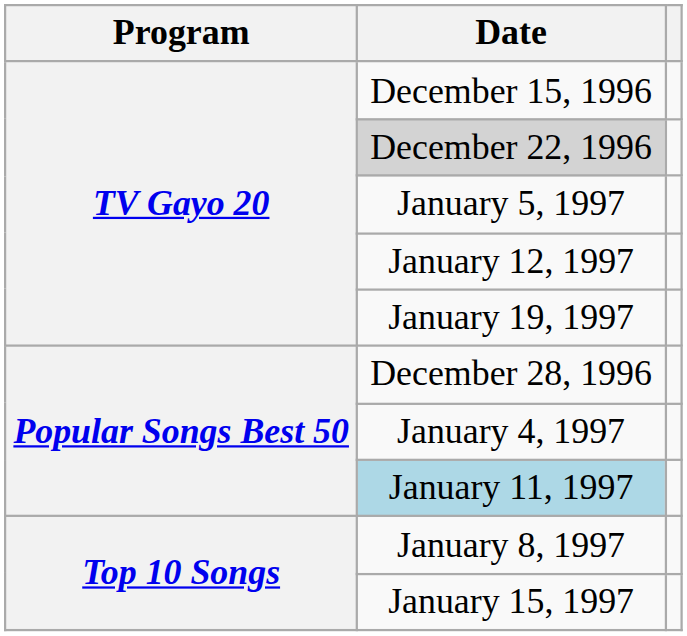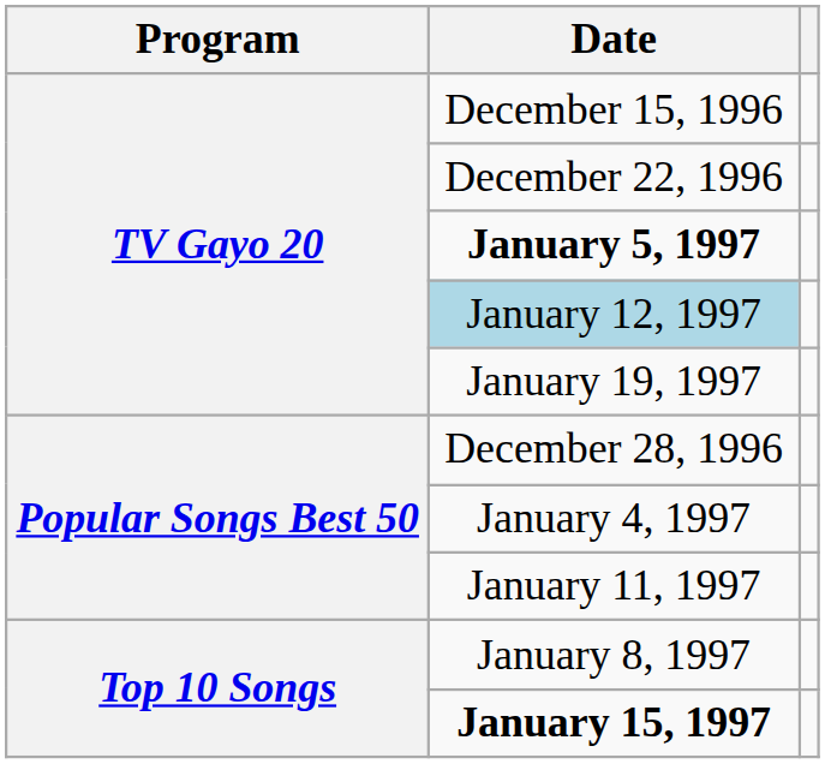 <table class="wikitable sortable plainrowheaders" style="text-align:center">
 <tr>
 <th>Program</th>
 <th width="130">Date</th>
 <th class="unsortable"></th>
 </tr>
 <tr>
 <th rowspan="5" scope="row"><em><a href='#'>TV Gayo 20</a></em></th>
 <td>December 15, 1996</td>
 <td></td>
 </tr>
 <tr>
-<td style="background: lightgrey;">December 22, 1996</td>
+<td>December 22, 1996</td>
 <td></td>
 </tr>
 <tr>
-<td>January 5, 1997</td>
+<td><strong>January 5, 1997</strong></td>
 <td></td>
 </tr>
 <tr>
-<td>January 12, 1997</td>
+<td style="background: lightblue;">January 12, 1997</td>
 <td></td>
 </tr>
 <tr>
 <td>January 19, 1997</td>
 <td></td>
 </tr>
 <tr>
 <th scope="row" rowspan="3"><em><a href='#'>Popular Songs Best 50</a></em></th>
 <td>December 28, 1996</td>
 <td></td>
 </tr>
 <tr>
 <td>January 4, 1997</td>
 <td></td>
 </tr>
 <tr>
-<td style="background: lightblue;">January 11, 1997</td>
+<td>January 11, 1997</td>
 <td></td>
 </tr>
 <tr>
 <th scope="row" rowspan="2"><em><a href='#'>Top 10 Songs</a></em></th>
 <td>January 8, 1997</td>
 <td></td>
 </tr>
 <tr>
-<td>January 15, 1997</td>
+<td><strong>January 15, 1997</strong></td>
 <td></td>
 </tr>
 </table>
